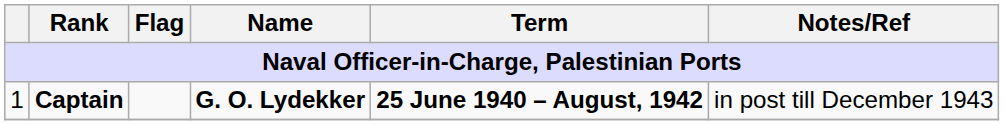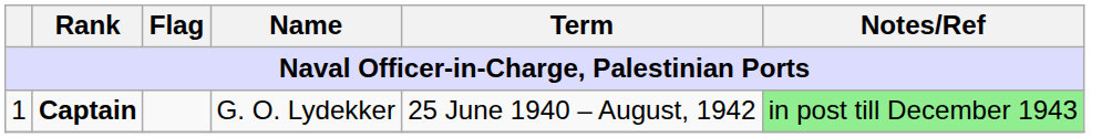 <table class="wikitable">
 <tr>
 <th></th>
 <th>Rank</th>
 <th>Flag</th>
 <th>Name</th>
 <th>Term</th>
 <th>Notes/Ref</th>
 </tr>
 <tr>
 <td colspan="6" align="center" style="background:#dcdcfe;"><strong>Naval Officer-in-Charge, Palestinian Ports</strong></td>
 </tr>
 <tr>
 <td>1</td>
 <td><strong>Captain</strong></td>
 <td></td>
-<td><strong>G. O. Lydekker</strong></td>
-<td><strong>25 June 1940 – August, 1942</strong></td>
-<td>in post till December 1943</td>
+<td>G. O. Lydekker</td>
+<td>25 June 1940 – August, 1942</td>
+<td style="background: lightgreen;">in post till December 1943</td>
 </tr>
 <tr>
 </tr>
 </table>
